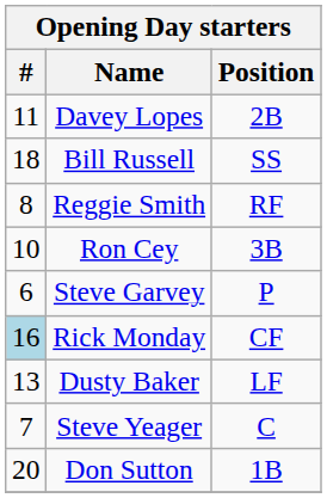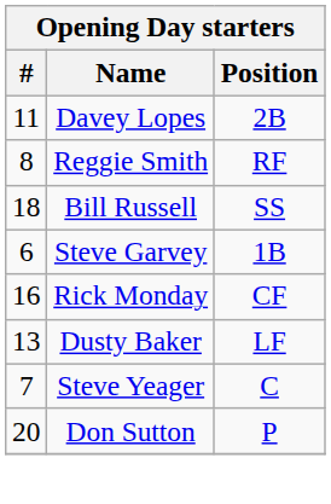 <table class="wikitable" style="text-align:center">
 <tr>
 <th colspan="3">Opening Day starters</th>
 </tr>
 <tr>
 <th>#</th>
 <th>Name</th>
 <th>Position</th>
 </tr>
 <tr>
 <td>11</td>
 <td><a href='#'>Davey Lopes</a></td>
 <td><a href='#'>2B</a></td>
 </tr>
 <tr>
+<td>8</td>
+<td><a href='#'>Reggie Smith</a></td>
+<td><a href='#'>RF</a></td>
+</tr>
+<tr>
 <td>18</td>
 <td><a href='#'>Bill Russell</a></td>
 <td><a href='#'>SS</a></td>
 </tr>
 <tr>
-<td>8</td>
-<td><a href='#'>Reggie Smith</a></td>
-<td><a href='#'>RF</a></td>
+<td>6</td>
+<td><a href='#'>Steve Garvey</a></td>
+<td><a href='#'>1B</a></td>
 </tr>
 <tr>
-<td>10</td>
-<td><a href='#'>Ron Cey</a></td>
-<td><a href='#'>3B</a></td>
-</tr>
-<tr>
-<td>6</td>
-<td><a href='#'>Steve Garvey</a></td>
-<td><a href='#'>P</a></td>
-</tr>
-<tr>
-<td style="background: lightblue;">16</td>
+<td>16</td>
 <td><a href='#'>Rick Monday</a></td>
 <td><a href='#'>CF</a></td>
 </tr>
 <tr>
 <td>13</td>
 <td><a href='#'>Dusty Baker</a></td>
 <td><a href='#'>LF</a></td>
 </tr>
 <tr>
 <td>7</td>
 <td><a href='#'>Steve Yeager</a></td>
 <td><a href='#'>C</a></td>
 </tr>
 <tr>
 <td>20</td>
 <td><a href='#'>Don Sutton</a></td>
-<td><a href='#'>1B</a></td>
+<td><a href='#'>P</a></td>
 </tr>
 <tr>
 </tr>
 </table>
